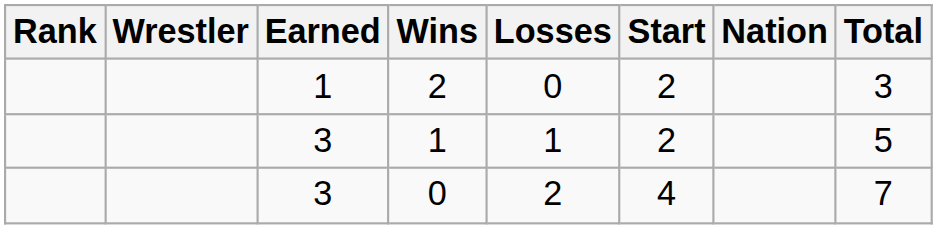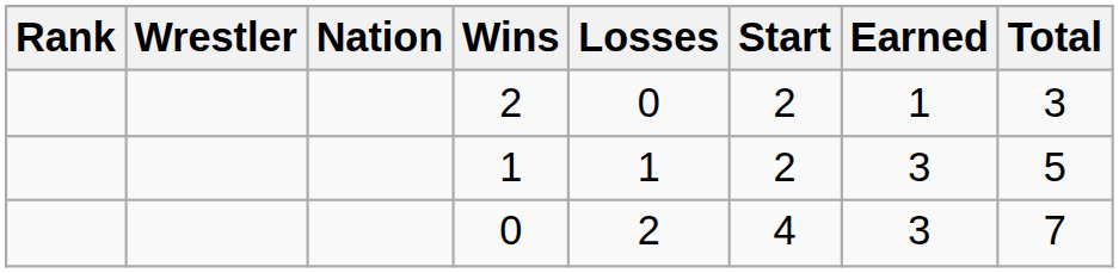 <table class="wikitable sortable" style="text-align:center;">
 <tr>
 <th>Rank</th>
 <th>Wrestler</th>
-<th>Earned</th>
+<th>Nation</th>
 <th>Wins</th>
 <th>Losses</th>
 <th>Start</th>
-<th>Nation</th>
+<th>Earned</th>
 <th>Total</th>
 </tr>
 <tr>
 <td></td>
 <td align=left></td>
-<td>1</td>
+<td align=left></td>
 <td>2</td>
 <td>0</td>
 <td>2</td>
-<td align=left></td>
+<td>1</td>
 <td>3</td>
 </tr>
 <tr>
 <td></td>
 <td align=left></td>
-<td>3</td>
+<td align=left></td>
 <td>1</td>
 <td>1</td>
 <td>2</td>
-<td align=left></td>
+<td>3</td>
 <td>5</td>
 </tr>
 <tr>
 <td></td>
 <td align=left></td>
-<td>3</td>
+<td align=left></td>
 <td>0</td>
 <td>2</td>
 <td>4</td>
-<td align=left></td>
+<td>3</td>
 <td>7</td>
 </tr>
 </table>
